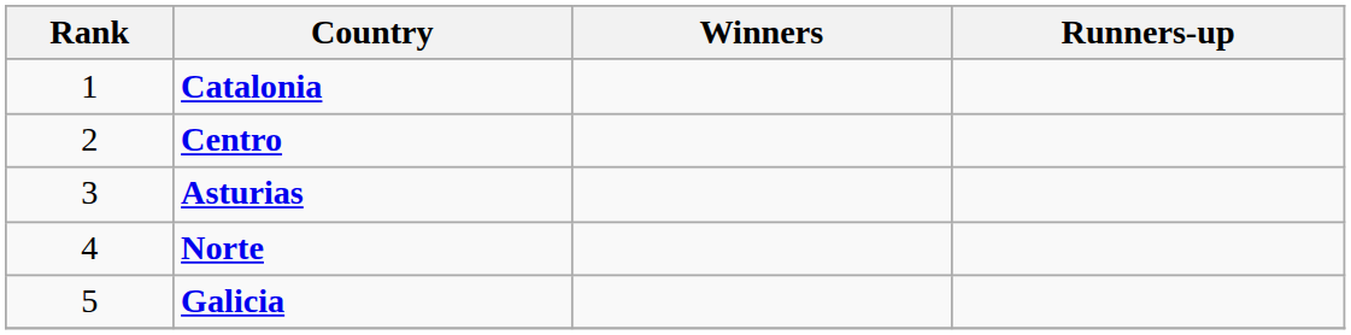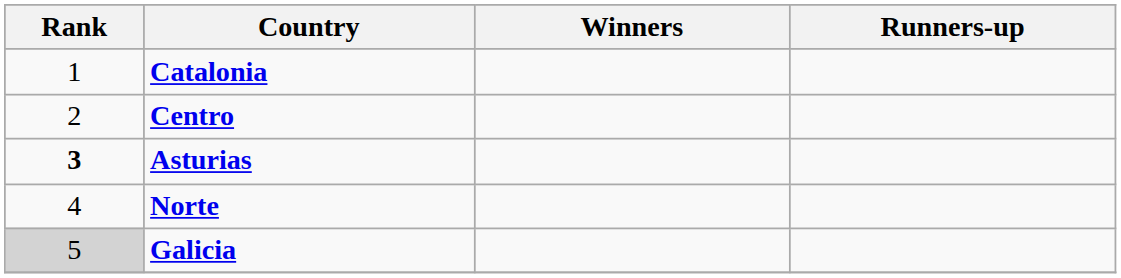 <table class="wikitable sortable" style="width:50%;">
 <tr>
 <th style="width:3%;">Rank</th>
 <th style="width:10%;">Country</th>
 <th style="width:10%;">Winners</th>
 <th style="width:10%;">Runners-up</th>
 </tr>
 <tr>
 <td align=center>1</td>
 <td> <strong><a href='#'>Catalonia</a></strong></td>
 <td></td>
 <td></td>
 </tr>
 <tr>
 <td align=center>2</td>
 <td> <strong><a href='#'>Centro</a></strong></td>
 <td></td>
 <td></td>
 </tr>
 <tr>
-<td align=center>3</td>
+<td align=center><strong>3</strong></td>
 <td> <strong><a href='#'>Asturias</a></strong></td>
 <td></td>
 <td></td>
 </tr>
 <tr>
 <td align=center>4</td>
 <td> <strong><a href='#'>Norte</a></strong></td>
 <td></td>
 <td></td>
 </tr>
 <tr>
-<td align=center>5</td>
+<td align=center style="background: lightgrey;">5</td>
 <td> <strong><a href='#'>Galicia</a></strong></td>
 <td></td>
 <td></td>
 </tr>
 <tr>
 </tr>
 </table>
